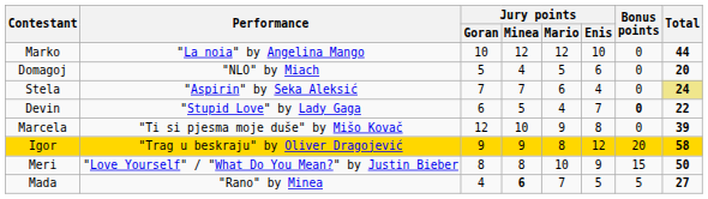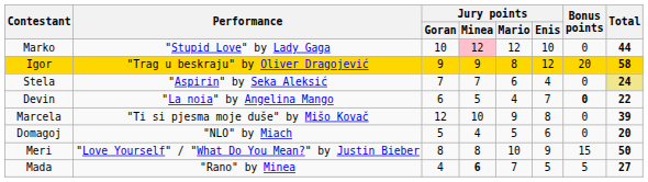 <table class="wikitable sortable" style="text-align: center;">
 <tr>
 <th rowspan="2">Contestant</th>
 <th rowspan="2">Performance</th>
 <th colspan="4">Jury points</th>
 <th rowspan="2">Bonus<br>points</th>
 <th rowspan="2">Total</th>
 </tr>
 <tr>
 <th>Goran</th>
 <th>Minea</th>
 <th>Mario</th>
 <th>Enis</th>
 </tr>
 <tr>
 <td>Marko</td>
-<td>"<a href='#'>La noia</a>" by <a href='#'>Angelina Mango</a></td>
+<td>"<a href='#'>Stupid Love</a>" by <a href='#'>Lady Gaga</a></td>
 <td>10</td>
-<td>12</td>
+<td style="background: pink;">12</td>
 <td>12</td>
 <td>10</td>
 <td>0</td>
 <td><strong>44</strong></td>
 </tr>
-<tr>
-<td>Domagoj</td>
-<td>"NLO" by <a href='#'>Miach</a></td>
-<td>5</td>
-<td>4</td>
-<td>5</td>
-<td>6</td>
-<td>0</td>
-<td><strong>20</strong></td>
+<tr style="background-color:gold;">
+<td>Igor</td>
+<td>"Trag u beskraju" by <a href='#'>Oliver Dragojević</a></td>
+<td>9</td>
+<td>9</td>
+<td>8</td>
+<td>12</td>
+<td>20</td>
+<td><strong>58</strong></td>
 </tr>
 <tr>
 <td>Stela</td>
 <td>"<a href='#'>Aspirin</a>" by <a href='#'>Seka Aleksić</a></td>
 <td>7</td>
 <td>7</td>
 <td>6</td>
 <td>4</td>
 <td>0</td>
 <td style="background: khaki;"><strong>24</strong></td>
 </tr>
 <tr>
 <td>Devin</td>
-<td>"<a href='#'>Stupid Love</a>" by <a href='#'>Lady Gaga</a></td>
+<td>"<a href='#'>La noia</a>" by <a href='#'>Angelina Mango</a></td>
 <td>6</td>
 <td>5</td>
 <td>4</td>
 <td>7</td>
 <td><strong>0</strong></td>
 <td><strong>22</strong></td>
 </tr>
 <tr>
 <td>Marcela</td>
 <td>"Ti si pjesma moje duše" by <a href='#'>Mišo Kovač</a></td>
 <td>12</td>
 <td>10</td>
 <td>9</td>
 <td>8</td>
 <td>0</td>
 <td><strong>39</strong></td>
 </tr>
-<tr style="background-color:gold;">
-<td>Igor</td>
-<td>"Trag u beskraju" by <a href='#'>Oliver Dragojević</a></td>
-<td>9</td>
-<td>9</td>
-<td>8</td>
-<td>12</td>
-<td>20</td>
-<td><strong>58</strong></td>
+<tr>
+<td>Domagoj</td>
+<td>"NLO" by <a href='#'>Miach</a></td>
+<td>5</td>
+<td>4</td>
+<td>5</td>
+<td>6</td>
+<td>0</td>
+<td><strong>20</strong></td>
 </tr>
 <tr>
 <td>Meri</td>
 <td>"<a href='#'>Love Yourself</a>" / "<a href='#'>What Do You Mean?</a>" by <a href='#'>Justin Bieber</a></td>
 <td>8</td>
 <td>8</td>
 <td>10</td>
 <td>9</td>
 <td>15</td>
 <td><strong>50</strong></td>
 </tr>
 <tr>
 <td>Mada</td>
 <td>"Rano" by <a href='#'>Minea</a></td>
 <td>4</td>
 <td><strong>6</strong></td>
 <td>7</td>
 <td>5</td>
 <td>5</td>
 <td><strong>27</strong></td>
 </tr>
 </table>
